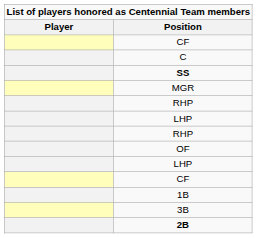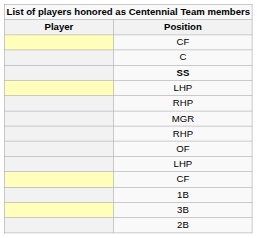 <table class="wikitable" style="text-align:center">
 <tr>
 <td colspan="2"><strong>List of players honored as Centennial Team members</strong></td>
 </tr>
 <tr align="center">
 <th scope="col">Player</th>
 <th scope="col">Position</th>
 </tr>
 <tr align="center">
 <th scope="row" style="background-color:#ffffbb;"><sup></sup></th>
 <td>CF</td>
 </tr>
 <tr align="center">
 <th scope="row"></th>
 <td>C</td>
 </tr>
 <tr align="center">
 <th scope="row"></th>
 <td><strong>SS</strong></td>
 </tr>
 <tr align="center">
 <th scope="row" style="background-color:#ffffbb;"><sup></sup></th>
-<td>MGR</td>
+<td>LHP</td>
 </tr>
 <tr align="center">
 <th scope="row"></th>
 <td>RHP</td>
 </tr>
 <tr align="center">
 <th scope="row"></th>
-<td>LHP</td>
+<td>MGR</td>
 </tr>
 <tr align="center">
 <th scope="row"></th>
 <td>RHP</td>
 </tr>
 <tr align="center">
 <th scope="row"></th>
 <td>OF</td>
 </tr>
 <tr align="center">
 <th scope="row"></th>
 <td>LHP</td>
 </tr>
 <tr align="center">
 <th scope="row" style="background-color:#ffffbb;"><sup></sup></th>
 <td>CF</td>
 </tr>
 <tr align="center">
 <th scope="row"></th>
 <td>1B</td>
 </tr>
 <tr align="center">
 <th scope="row" style="background-color:#ffffbb;"><sup></sup></th>
 <td>3B</td>
 </tr>
 <tr align="center">
 <th scope="row"></th>
-<td><strong>2B</strong></td>
+<td>2B</td>
 </tr>
 </table>
